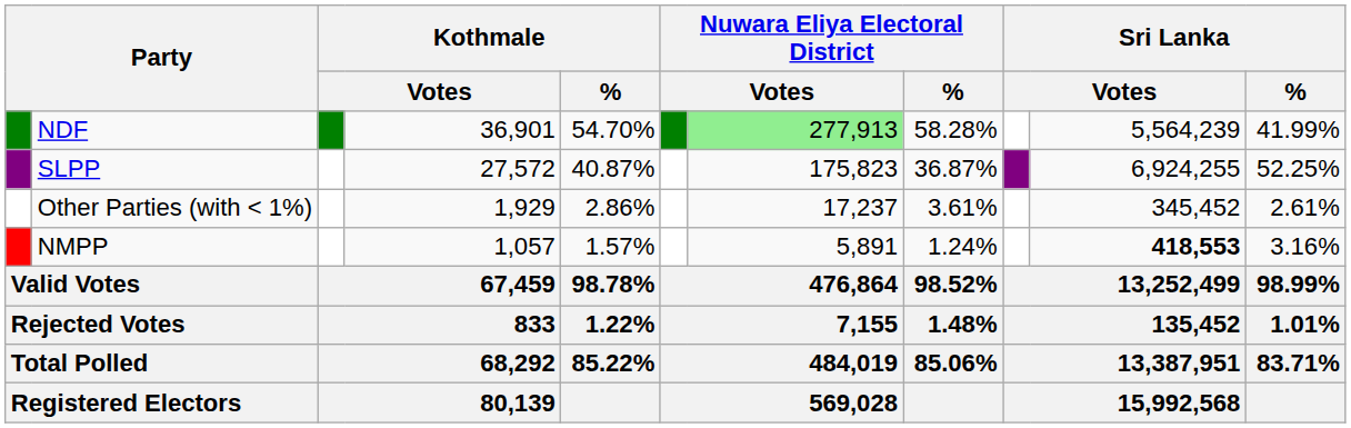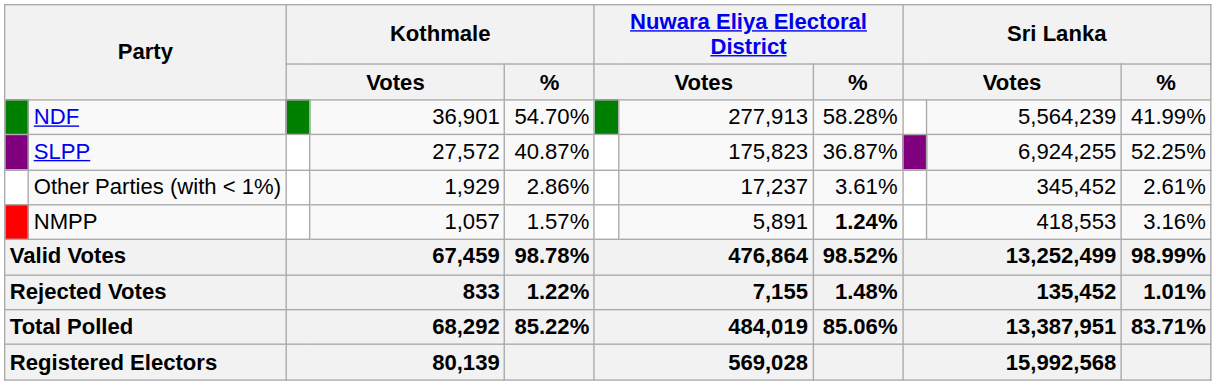 <table class="wikitable">
 <tr>
 <th colspan="2" width="144px"rowspan="2">Party</th>
 <th colspan="3" width="216px">Kothmale</th>
 <th colspan="3" width="216px"><a href='#'>Nuwara Eliya Electoral District</a></th>
 <th colspan="3" width="216px">Sri Lanka</th>
 </tr>
 <tr>
 <th colspan="2" width="144px">Votes</th>
 <th>%</th>
 <th colspan="2" width="144px">Votes</th>
 <th>%</th>
 <th colspan="2" width="144px">Votes</th>
 <th>%</th>
 </tr>
 <tr>
 <td style="background-color:green;" width="10px"></td>
 <td style="text-align:left;"><a href='#'>NDF</a></td>
 <td style="background-color:green;" width="10px"></td>
 <td style="text-align:right;">36,901</td>
 <td style="text-align:right;">54.70%</td>
 <td style="background-color:green;" width="10px"></td>
-<td style="background: lightgreen; text-align:right;">277,913</td>
+<td style="text-align:right;">277,913</td>
 <td style="text-align:right;">58.28%</td>
 <td style="background-color:white;" width="10px"></td>
 <td style="text-align:right;">5,564,239</td>
 <td style="text-align:right;">41.99%</td>
 </tr>
 <tr>
 <td style="background-color:purple;" width="10px"></td>
 <td style="text-align:left;"><a href='#'>SLPP</a></td>
 <td style="background-color:white;" width="10px"></td>
 <td style="text-align:right;">27,572</td>
 <td style="text-align:right;">40.87%</td>
 <td style="background-color:white;" width="10px"></td>
 <td style="text-align:right;">175,823</td>
 <td style="text-align:right;">36.87%</td>
 <td style="background-color:purple;" width="10px"></td>
 <td style="text-align:right;">6,924,255</td>
 <td style="text-align:right;">52.25%</td>
 </tr>
 <tr>
 <td style="background-color:white;" width="10px"></td>
 <td style="text-align:left;">Other Parties (with < 1%)</td>
 <td style="background-color:white;" width="10px"></td>
 <td style="text-align:right;">1,929</td>
 <td style="text-align:right;">2.86%</td>
 <td style="background-color:white;" width="10px"></td>
 <td style="text-align:right;">17,237</td>
 <td style="text-align:right;">3.61%</td>
 <td style="background-color:white;" width="10px"></td>
 <td style="text-align:right;">345,452</td>
 <td style="text-align:right;">2.61%</td>
 </tr>
 <tr>
 <td style="background-color:red;" width="10px"></td>
 <td style="text-align:left;">NMPP</td>
 <td style="background-color:white;" width="10px"></td>
 <td style="text-align:right;">1,057</td>
 <td style="text-align:right;">1.57%</td>
 <td style="background-color:white;" width="10px"></td>
 <td style="text-align:right;">5,891</td>
-<td style="text-align:right;">1.24%</td>
+<td style="text-align:right;"><strong>1.24%</strong></td>
 <td style="background-color:white;" width="10px"></td>
-<td style="text-align:right;"><strong>418,553</strong></td>
+<td style="text-align:right;">418,553</td>
 <td style="text-align:right;">3.16%</td>
 </tr>
 <tr>
 <th colspan="2" width="144px"style="text-align:left;">Valid Votes</th>
 <th style="text-align:right;"colspan="2" width="144px">67,459</th>
 <th style="text-align:right;">98.78%</th>
 <th style="text-align:right;"colspan="2" width="144px">476,864</th>
 <th style="text-align:right;">98.52%</th>
 <th style="text-align:right;"colspan="2" width="144px">13,252,499</th>
 <th style="text-align:right;">98.99%</th>
 </tr>
 <tr>
 <th colspan="2" width="144px"style="text-align:left;">Rejected Votes</th>
 <th style="text-align:right;"colspan="2" width="144px">833</th>
 <th style="text-align:right;">1.22%</th>
 <th style="text-align:right;"colspan="2" width="144px">7,155</th>
 <th style="text-align:right;">1.48%</th>
 <th style="text-align:right;"colspan="2" width="144px">135,452</th>
 <th style="text-align:right;">1.01%</th>
 </tr>
 <tr>
 <th colspan="2" width="144px"style="text-align:left;">Total Polled</th>
 <th style="text-align:right;"colspan="2" width="144px">68,292</th>
 <th style="text-align:right;">85.22%</th>
 <th style="text-align:right;"colspan="2" width="144px">484,019</th>
 <th style="text-align:right;">85.06%</th>
 <th style="text-align:right;"colspan="2" width="144px">13,387,951</th>
 <th style="text-align:right;">83.71%</th>
 </tr>
 <tr>
 <th colspan="2" width="144px"style="text-align:left;">Registered Electors</th>
 <th style="text-align:right;"colspan="2" width="144px">80,139</th>
 <th></th>
 <th style="text-align:right;"colspan="2" width="144px">569,028</th>
 <th></th>
 <th style="text-align:right;"colspan="2" width="144px">15,992,568</th>
 <th></th>
 </tr>
 </table>
